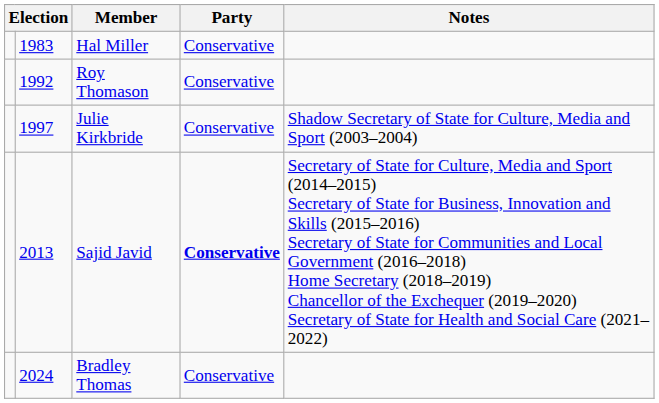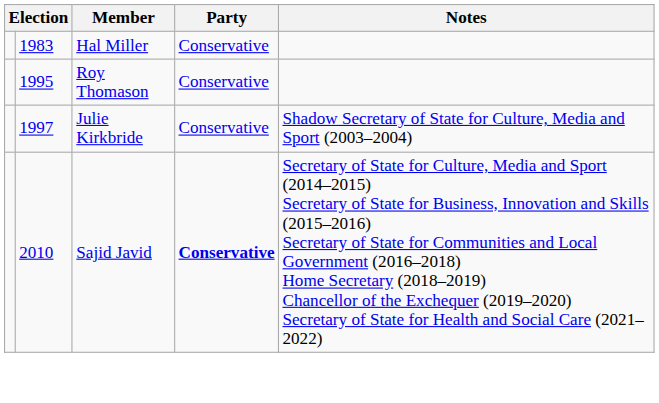 <table class="wikitable">
 <tr>
 <th colspan="2">Election</th>
 <th>Member</th>
 <th>Party</th>
 <th>Notes</th>
 </tr>
 <tr>
 <td style="color:inherit;background-color: "></td>
 <td><a href='#'>1983</a></td>
 <td><a href='#'>Hal Miller</a></td>
 <td><a href='#'>Conservative</a></td>
 <td></td>
 </tr>
 <tr>
 <td style="color:inherit;background-color: "></td>
-<td><a href='#'>1992</a></td>
+<td><a href='#'>1995</a></td>
 <td><a href='#'>Roy Thomason</a></td>
 <td><a href='#'>Conservative</a></td>
 <td></td>
 </tr>
 <tr>
 <td style="color:inherit;background-color: "></td>
 <td><a href='#'>1997</a></td>
 <td><a href='#'>Julie Kirkbride</a></td>
 <td><a href='#'>Conservative</a></td>
 <td><a href='#'>Shadow Secretary of State for Culture, Media and Sport</a> (2003–2004)</td>
 </tr>
 <tr>
 <td style="color:inherit;background-color: "></td>
-<td><a href='#'>2013</a></td>
+<td><a href='#'>2010</a></td>
 <td><a href='#'>Sajid Javid</a></td>
 <td><strong><a href='#'>Conservative</a></strong></td>
 <td><a href='#'>Secretary of State for Culture, Media and Sport</a> (2014–2015)<br><a href='#'>Secretary of State for Business, Innovation and Skills</a> (2015–2016)<br> <a href='#'>Secretary of State for Communities and Local Government</a> (2016–2018)<br><a href='#'>Home Secretary</a> (2018–2019)<br><a href='#'>Chancellor of the Exchequer</a> (2019–2020)<br><a href='#'>Secretary of State for Health and Social Care</a> (2021–2022)</td>
 </tr>
-<tr>
-<td style="color:inherit;background-color: "></td>
-<td><a href='#'>2024</a></td>
-<td><a href='#'>Bradley Thomas</a></td>
-<td><a href='#'>Conservative</a></td>
-<td></td>
-</tr>
 </table>
